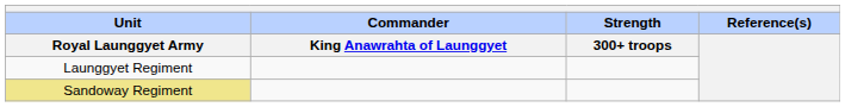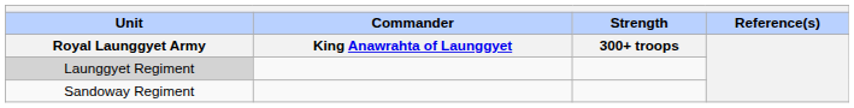 <table class="wikitable collapsible" style="min-width:60em; margin:0.3em auto; font-size:88%;">
 <tr>
 <th colspan=5></th>
 </tr>
 <tr>
 <th style="background-color:#B9D1FF">Unit</th>
 <th style="background-color:#B9D1FF">Commander</th>
 <th style="background-color:#B9D1FF">Strength</th>
 <th style="background-color:#B9D1FF">Reference(s)</th>
 </tr>
 <tr>
 <th colspan="1">Royal Launggyet Army</th>
 <th colspan="1">King <a href='#'>Anawrahta of Launggyet</a></th>
 <th colspan="1">300+ troops</th>
 <th rowspan="3"></th>
 </tr>
 <tr>
-<td align="center">Launggyet Regiment</td>
+<td align="center" style="background: lightgrey;">Launggyet Regiment</td>
 <td align="center"></td>
 <td align="center"></td>
 </tr>
 <tr>
-<td align="center" style="background: khaki;">Sandoway Regiment</td>
+<td align="center">Sandoway Regiment</td>
 <td align="center"></td>
 <td align="center"></td>
 </tr>
 </table>
